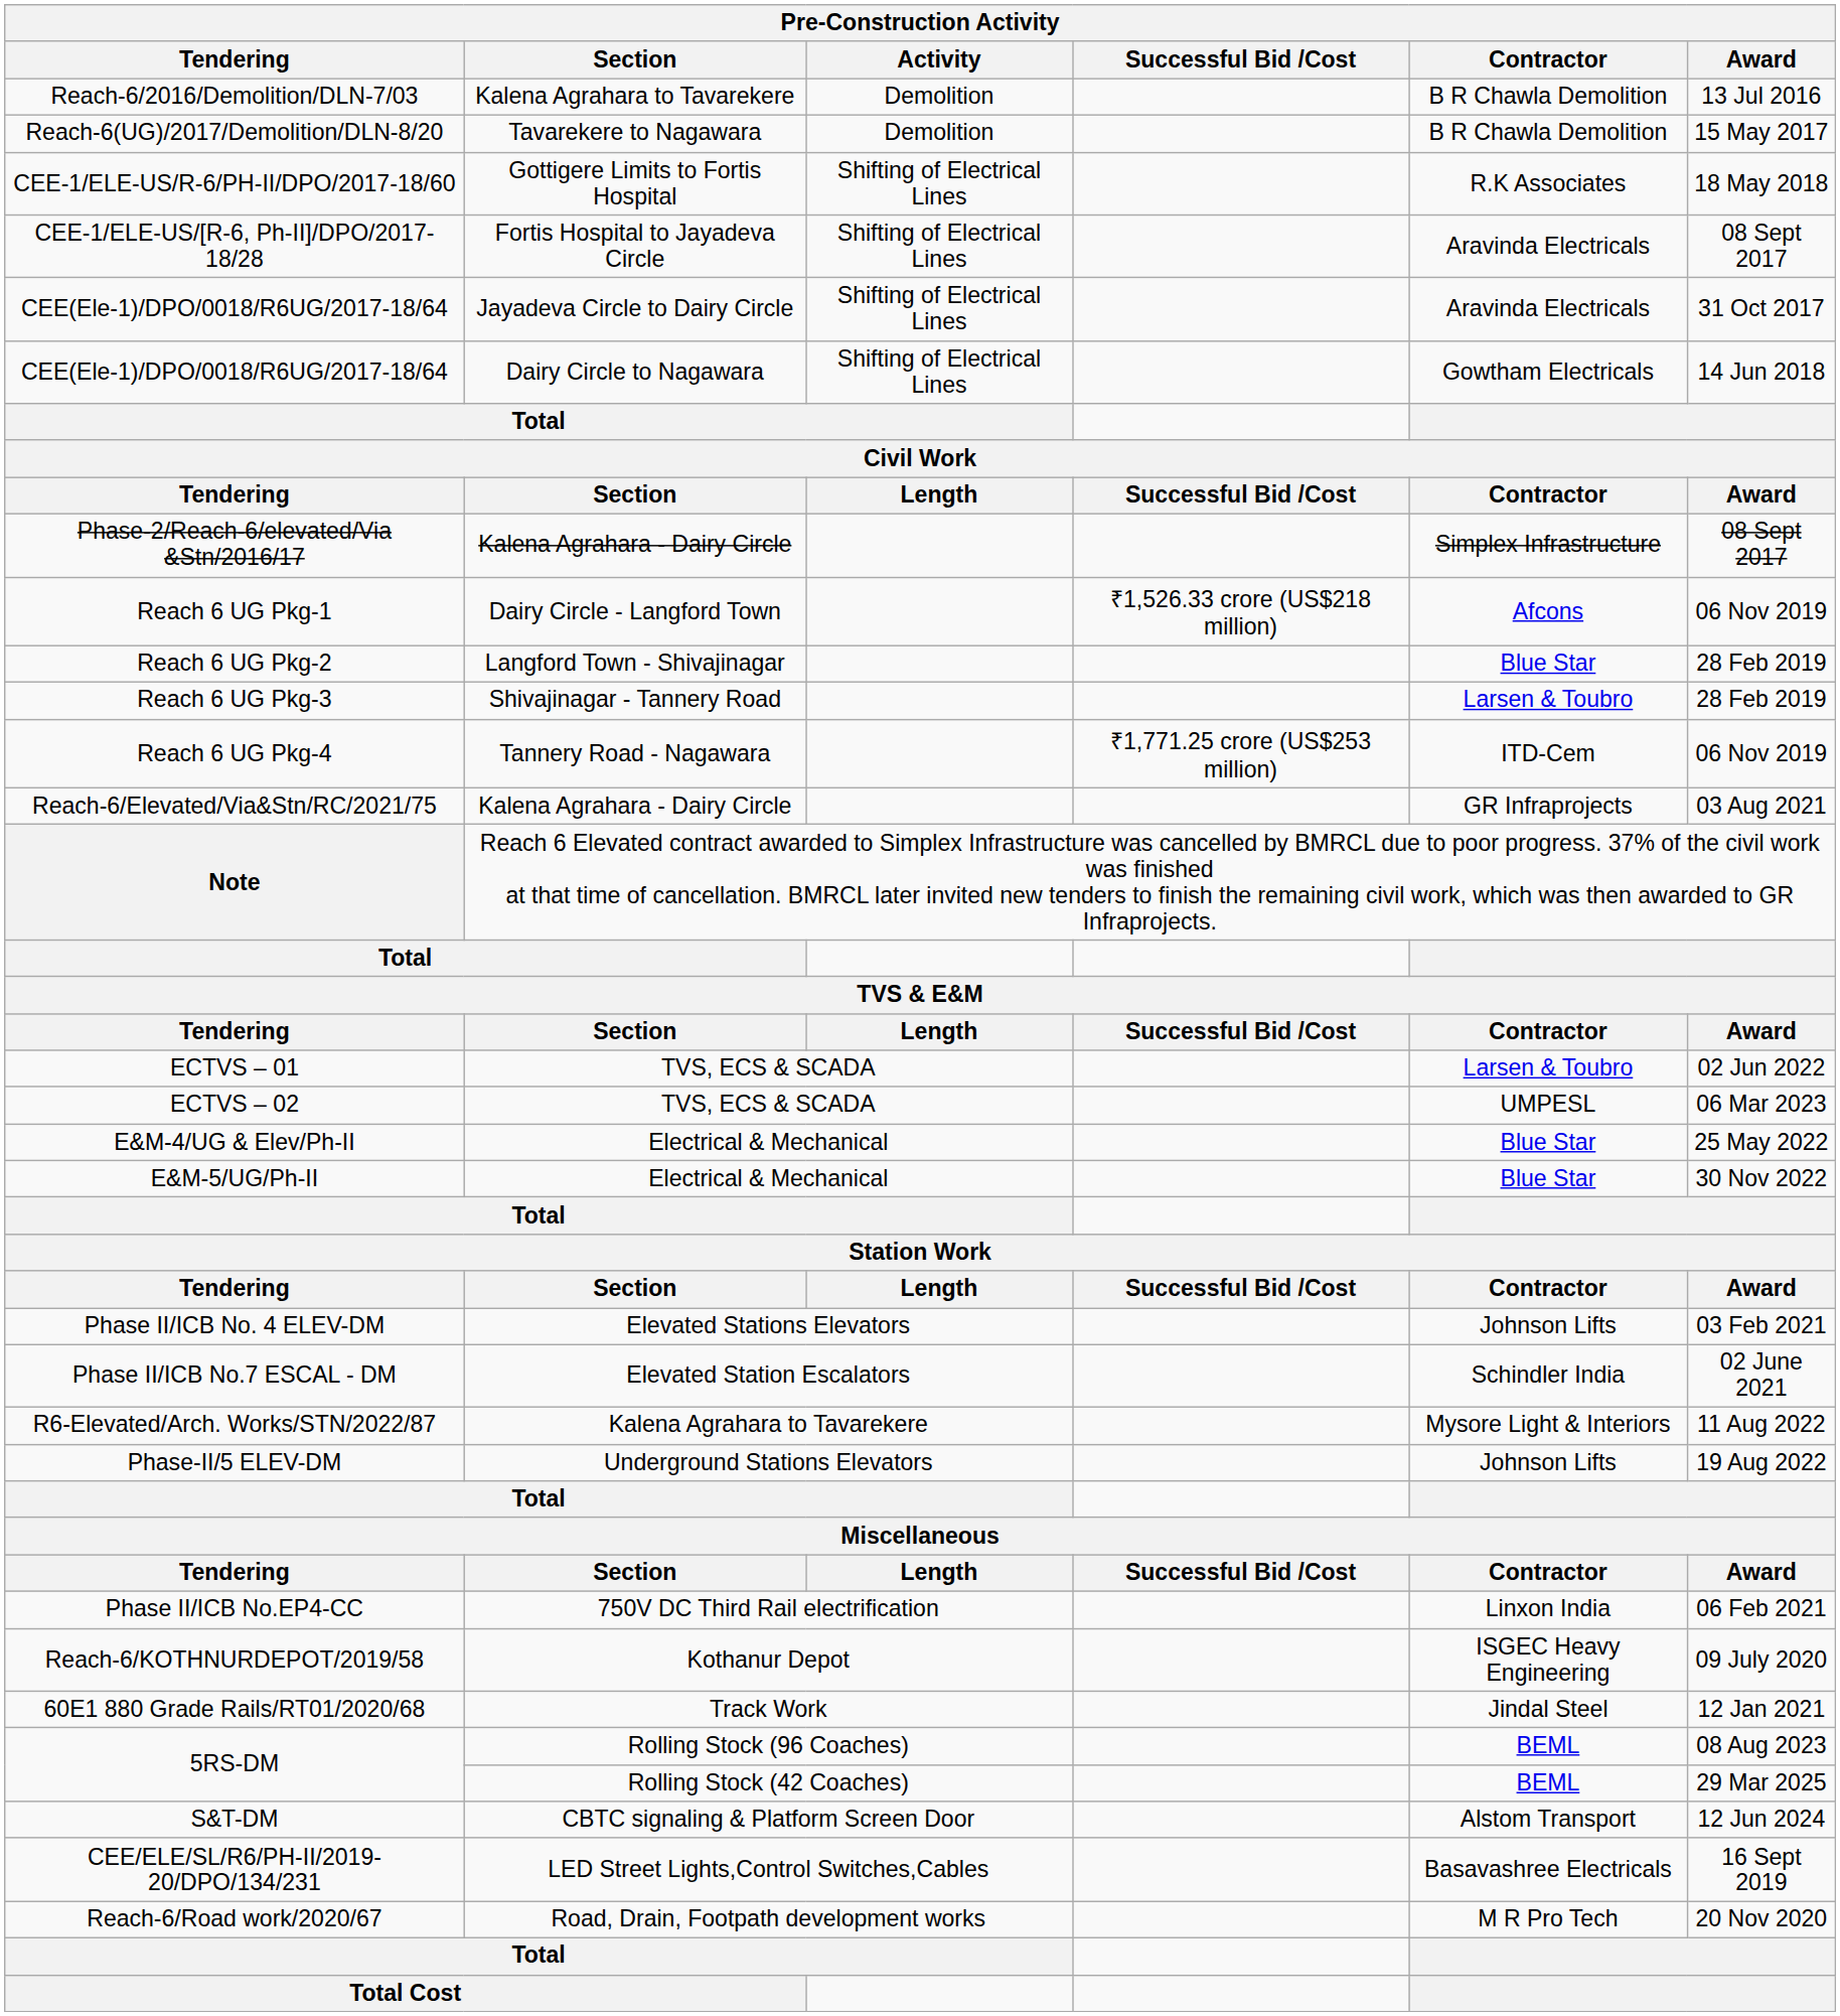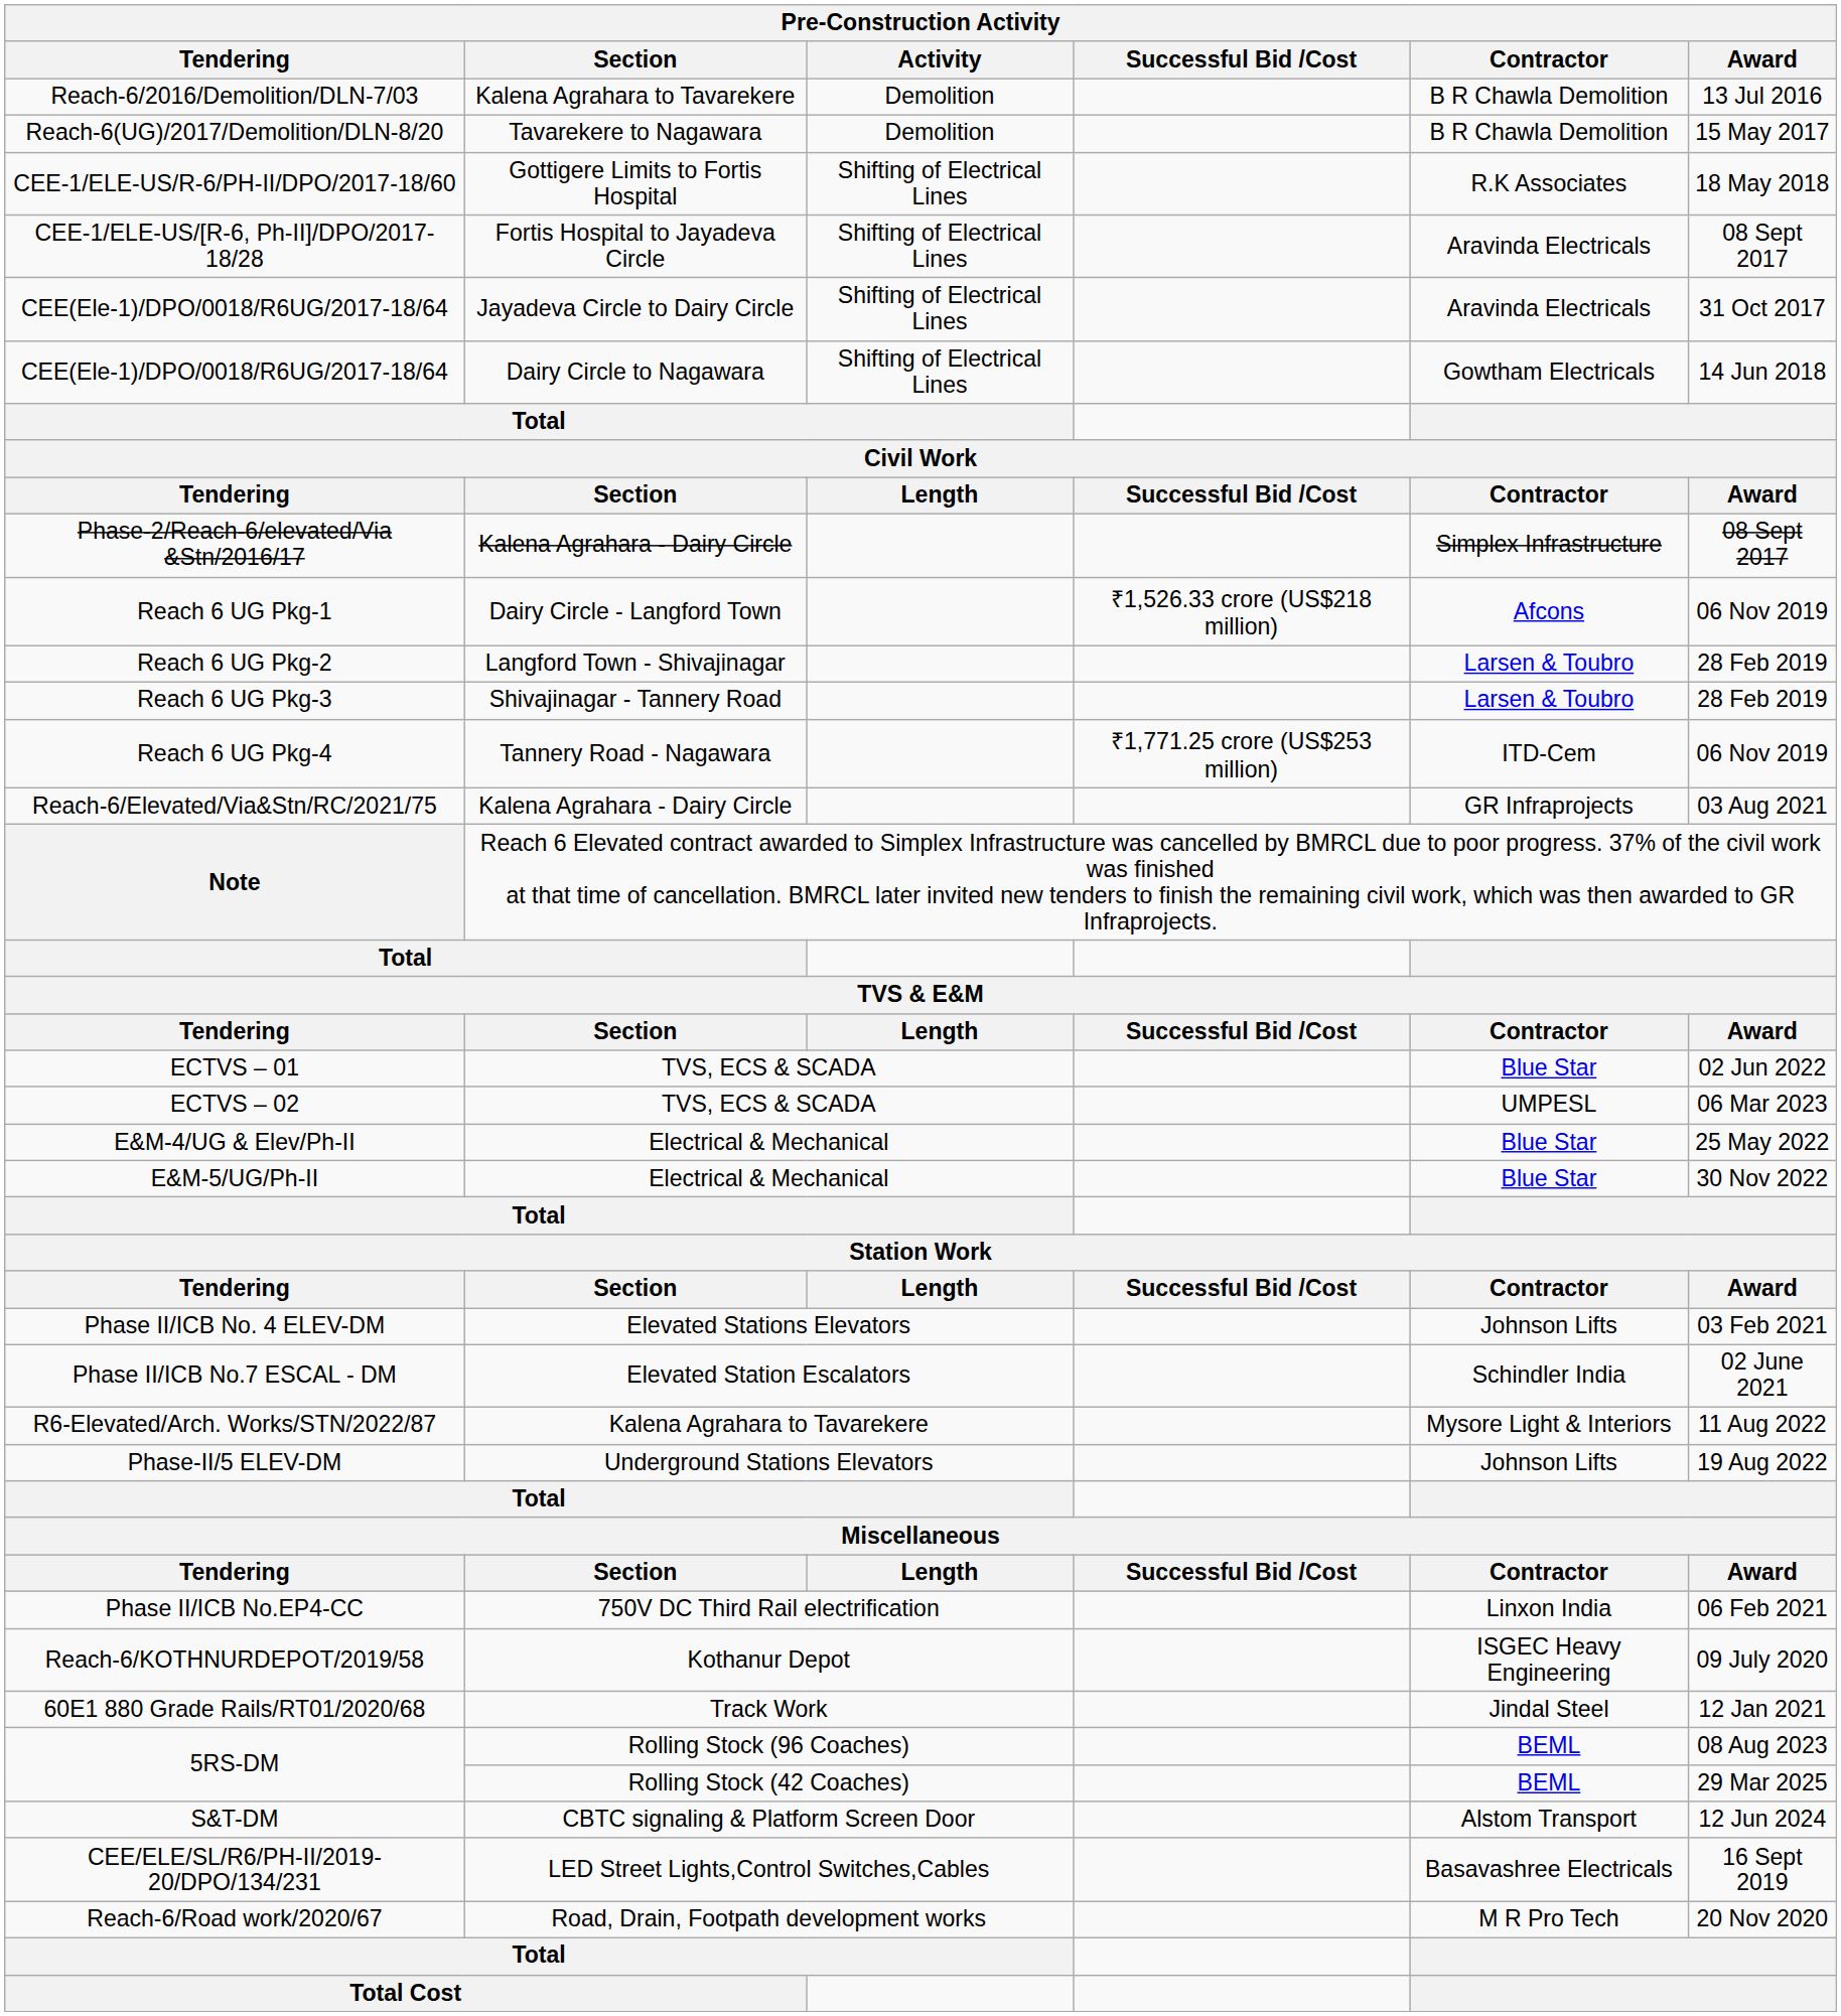 <table class="wikitable" style="text-align:center;margin:auto;">
 <tr>
 <th colspan="6" align="center" style="background:#"><span><strong>Pre-Construction Activity</strong></span></th>
 </tr>
 <tr>
 <th>Tendering</th>
 <th>Section</th>
 <th>Activity</th>
 <th>Successful Bid /Cost</th>
 <th>Contractor</th>
 <th>Award</th>
 </tr>
 <tr>
 <td>Reach-6/2016/Demolition/DLN-7/03</td>
 <td>Kalena Agrahara to Tavarekere</td>
 <td>Demolition</td>
 <td></td>
 <td>B R Chawla Demolition</td>
 <td>13 Jul 2016</td>
 </tr>
 <tr>
 <td>Reach-6(UG)/2017/Demolition/DLN-8/20</td>
 <td>Tavarekere to Nagawara</td>
 <td>Demolition</td>
 <td></td>
 <td>B R Chawla Demolition</td>
 <td>15 May 2017</td>
 </tr>
 <tr>
 <td>CEE-1/ELE-US/R-6/PH-II/DPO/2017-18/60</td>
 <td>Gottigere Limits to Fortis Hospital</td>
 <td>Shifting of Electrical Lines</td>
 <td></td>
 <td>R.K Associates</td>
 <td>18 May 2018</td>
 </tr>
 <tr>
 <td>CEE-1/ELE-US/[R-6, Ph-II]/DPO/2017-18/28</td>
 <td>Fortis Hospital to Jayadeva Circle</td>
 <td>Shifting of Electrical Lines</td>
 <td></td>
 <td>Aravinda Electricals</td>
 <td>08 Sept 2017</td>
 </tr>
 <tr>
 <td>CEE(Ele-1)/DPO/0018/R6UG/2017-18/64</td>
 <td>Jayadeva Circle to Dairy Circle</td>
 <td>Shifting of Electrical Lines</td>
 <td></td>
 <td>Aravinda Electricals</td>
 <td>31 Oct 2017</td>
 </tr>
 <tr>
 <td>CEE(Ele-1)/DPO/0018/R6UG/2017-18/64</td>
 <td>Dairy Circle to  Nagawara</td>
 <td>Shifting of Electrical Lines</td>
 <td></td>
 <td>Gowtham Electricals</td>
 <td>14 Jun 2018</td>
 </tr>
 <tr>
 <th colspan="3">Total</th>
 <td></td>
 <th colspan="2"></th>
 </tr>
 <tr>
 <th colspan="6" align="center" style="background:#"><span><strong>Civil Work</strong></span></th>
 </tr>
 <tr>
 <th>Tendering</th>
 <th>Section</th>
 <th>Length</th>
 <th>Successful Bid /Cost</th>
 <th>Contractor</th>
 <th>Award</th>
 </tr>
 <tr>
 <td><s>Phase-2/Reach-6/elevated/Via &Stn/2016/17</s></td>
 <td><s>Kalena Agrahara - Dairy Circle</s></td>
 <td><s></s></td>
 <td><s></s></td>
 <td><s>Simplex Infrastructure</s></td>
 <td><s>08 Sept 2017</s></td>
 </tr>
 <tr>
 <td>Reach 6 UG Pkg-1</td>
 <td>Dairy Circle - Langford Town</td>
 <td></td>
 <td>₹1,526.33 crore (US$218 million)</td>
 <td><a href='#'>Afcons</a></td>
 <td>06 Nov 2019</td>
 </tr>
 <tr>
 <td>Reach 6 UG Pkg-2</td>
 <td>Langford Town - Shivajinagar</td>
 <td></td>
 <td></td>
-<td><a href='#'>Blue Star</a></td>
+<td><a href='#'>Larsen & Toubro</a></td>
 <td>28 Feb 2019</td>
 </tr>
 <tr>
 <td>Reach 6 UG Pkg-3</td>
 <td>Shivajinagar - Tannery Road</td>
 <td></td>
 <td></td>
 <td><a href='#'>Larsen & Toubro</a></td>
 <td>28 Feb 2019</td>
 </tr>
 <tr>
 <td>Reach 6 UG Pkg-4</td>
 <td>Tannery Road - Nagawara</td>
 <td></td>
 <td>₹1,771.25 crore (US$253 million)</td>
 <td>ITD-Cem</td>
 <td>06 Nov 2019</td>
 </tr>
 <tr>
 <td>Reach-6/Elevated/Via&Stn/RC/2021/75</td>
 <td>Kalena Agrahara - Dairy Circle</td>
 <td></td>
 <td></td>
 <td>GR Infraprojects</td>
 <td>03 Aug 2021</td>
 </tr>
 <tr>
 <th>Note</th>
 <td colspan="5">Reach 6 Elevated contract awarded to Simplex Infrastructure was cancelled by BMRCL due to poor progress. 37% of the civil work was finished<br>at that time of cancellation. BMRCL later invited new tenders to finish the remaining civil work, which was then awarded to GR Infraprojects.</td>
 </tr>
 <tr>
 <th colspan="2">Total</th>
 <td></td>
 <td></td>
 <th colspan="2"></th>
 </tr>
 <tr>
 <th colspan="6" align="center" style="background:#"><span><strong>TVS & E&M</strong></span></th>
 </tr>
 <tr>
 <th>Tendering</th>
 <th>Section</th>
 <th>Length</th>
 <th>Successful Bid /Cost</th>
 <th>Contractor</th>
 <th>Award</th>
 </tr>
 <tr>
 <td>ECTVS – 01</td>
 <td colspan="2">TVS, ECS & SCADA </td>
 <td></td>
-<td><a href='#'>Larsen & Toubro</a></td>
+<td><a href='#'>Blue Star</a></td>
 <td>02 Jun 2022</td>
 </tr>
 <tr>
 <td>ECTVS – 02</td>
 <td colspan="2">TVS, ECS & SCADA </td>
 <td></td>
 <td>UMPESL</td>
 <td>06 Mar 2023</td>
 </tr>
 <tr>
 <td>E&M-4/UG & Elev/Ph-II</td>
 <td colspan="2">Electrical & Mechanical</td>
 <td></td>
 <td><a href='#'>Blue Star</a></td>
 <td>25 May 2022</td>
 </tr>
 <tr>
 <td>E&M-5/UG/Ph-II</td>
 <td colspan="2">Electrical & Mechanical</td>
 <td></td>
 <td><a href='#'>Blue Star</a></td>
 <td>30 Nov 2022</td>
 </tr>
 <tr>
 <th colspan="3">Total</th>
 <td></td>
 <th colspan="2"></th>
 </tr>
 <tr>
 <th colspan="6" align="center" style="background:#"><span><strong>Station Work</strong></span></th>
 </tr>
 <tr>
 <th>Tendering</th>
 <th>Section</th>
 <th>Length</th>
 <th>Successful Bid /Cost</th>
 <th>Contractor</th>
 <th>Award</th>
 </tr>
 <tr>
 <td>Phase II/ICB No. 4 ELEV-DM </td>
 <td colspan="2">Elevated Stations Elevators</td>
 <td></td>
 <td>Johnson Lifts</td>
 <td>03 Feb 2021</td>
 </tr>
 <tr>
 <td>Phase II/ICB No.7 ESCAL - DM </td>
 <td colspan="2">Elevated Station Escalators</td>
 <td></td>
 <td>Schindler India</td>
 <td>02 June 2021</td>
 </tr>
 <tr>
 <td>R6-Elevated/Arch. Works/STN/2022/87</td>
 <td colspan="2">Kalena Agrahara to Tavarekere</td>
 <td></td>
 <td>Mysore Light & Interiors</td>
 <td>11 Aug 2022</td>
 </tr>
 <tr>
 <td>Phase-II/5 ELEV-DM</td>
 <td colspan="2">Underground Stations Elevators</td>
 <td></td>
 <td>Johnson Lifts</td>
 <td>19 Aug 2022</td>
 </tr>
 <tr>
 <th colspan="3">Total</th>
 <td></td>
 <th colspan="2"></th>
 </tr>
 <tr>
 <th colspan="6" align="center" style="background:#"><span><strong>Miscellaneous</strong></span></th>
 </tr>
 <tr>
 <th>Tendering</th>
 <th>Section</th>
 <th>Length</th>
 <th>Successful Bid /Cost</th>
 <th>Contractor</th>
 <th>Award</th>
 </tr>
 <tr>
 <td>Phase II/ICB No.EP4-CC </td>
 <td colspan="2">750V DC Third Rail electrification</td>
 <td></td>
 <td>Linxon India</td>
 <td>06 Feb 2021</td>
 </tr>
 <tr>
 <td>Reach-6/KOTHNURDEPOT/2019/58</td>
 <td colspan="2">Kothanur Depot</td>
 <td></td>
 <td>ISGEC Heavy Engineering</td>
 <td>09 July 2020</td>
 </tr>
 <tr>
 <td>60E1 880 Grade Rails/RT01/2020/68 </td>
 <td colspan="2">Track Work</td>
 <td></td>
 <td>Jindal Steel</td>
 <td>12 Jan 2021</td>
 </tr>
 <tr>
 <td rowspan="2">5RS-DM</td>
 <td colspan="2">Rolling Stock (96 Coaches)</td>
 <td></td>
 <td><a href='#'>BEML</a></td>
 <td>08 Aug 2023</td>
 </tr>
 <tr>
 <td colspan="2">Rolling Stock (42 Coaches)</td>
 <td></td>
 <td><a href='#'>BEML</a></td>
 <td>29 Mar 2025</td>
 </tr>
 <tr>
 <td>S&T-DM </td>
 <td colspan="2">CBTC signaling & Platform Screen Door</td>
 <td></td>
 <td>Alstom Transport</td>
 <td>12 Jun 2024</td>
 </tr>
 <tr>
 <td>CEE/ELE/SL/R6/PH-II/2019-20/DPO/134/231</td>
 <td colspan="2">LED Street Lights,Control Switches,Cables</td>
 <td></td>
 <td>Basavashree Electricals</td>
 <td>16 Sept 2019</td>
 </tr>
 <tr>
 <td>Reach-6/Road work/2020/67</td>
 <td colspan="2">Road, Drain, Footpath development works</td>
 <td></td>
 <td>M R Pro Tech</td>
 <td>20 Nov 2020</td>
 </tr>
 <tr>
 <th colspan="3">Total</th>
 <td></td>
 <th colspan="2"></th>
 </tr>
 <tr>
 <th colspan="2">Total Cost</th>
 <td></td>
 <td></td>
 <th colspan="2"></th>
 </tr>
 </table>
